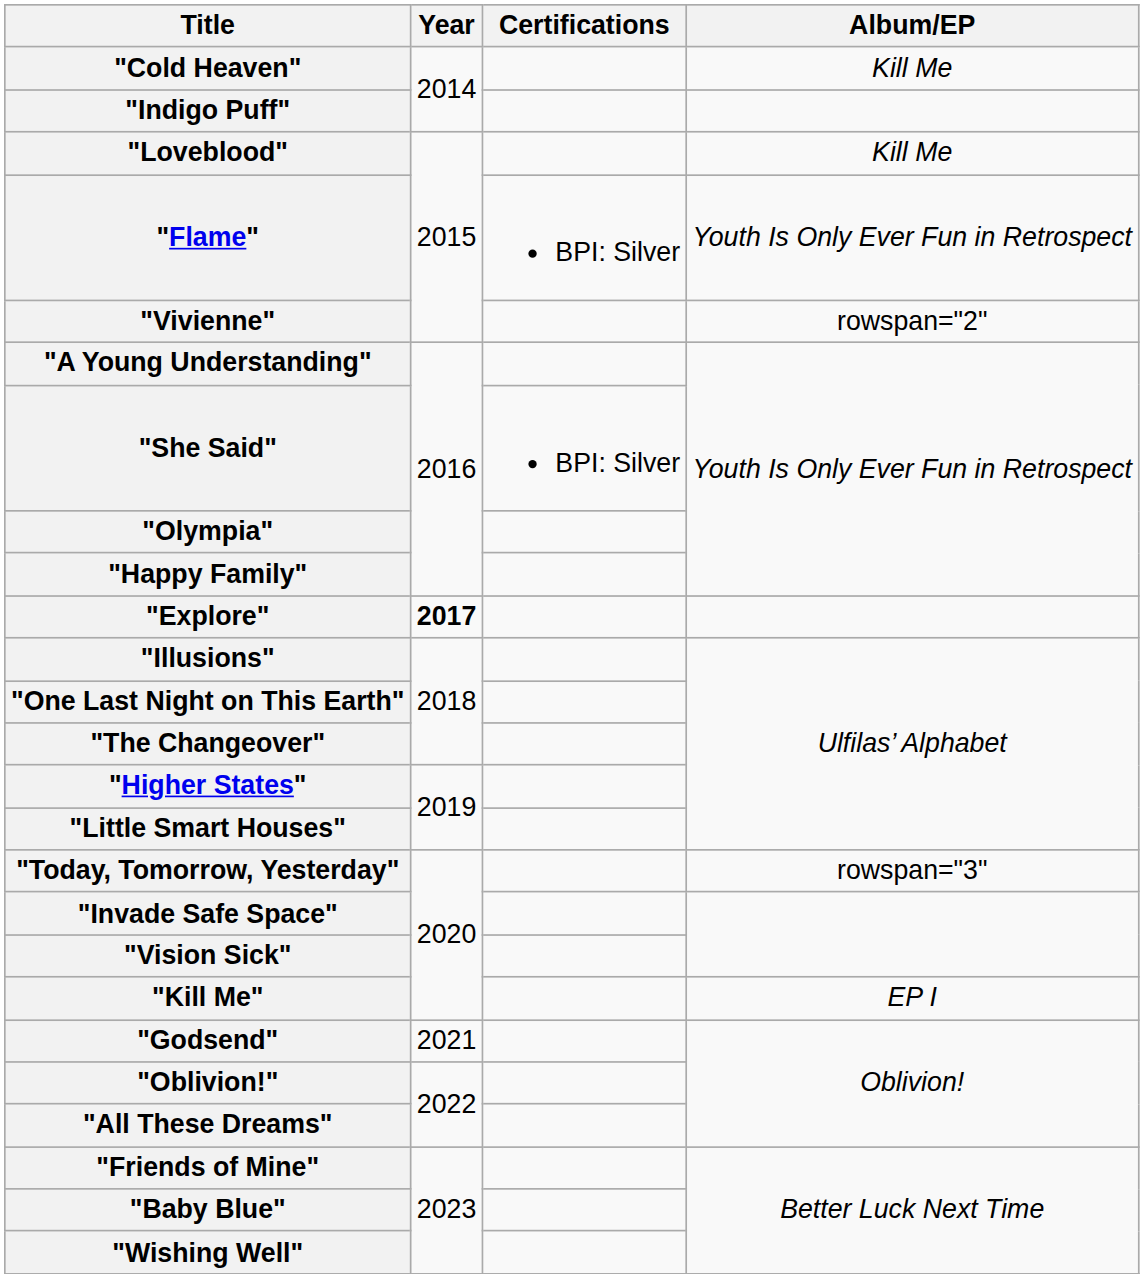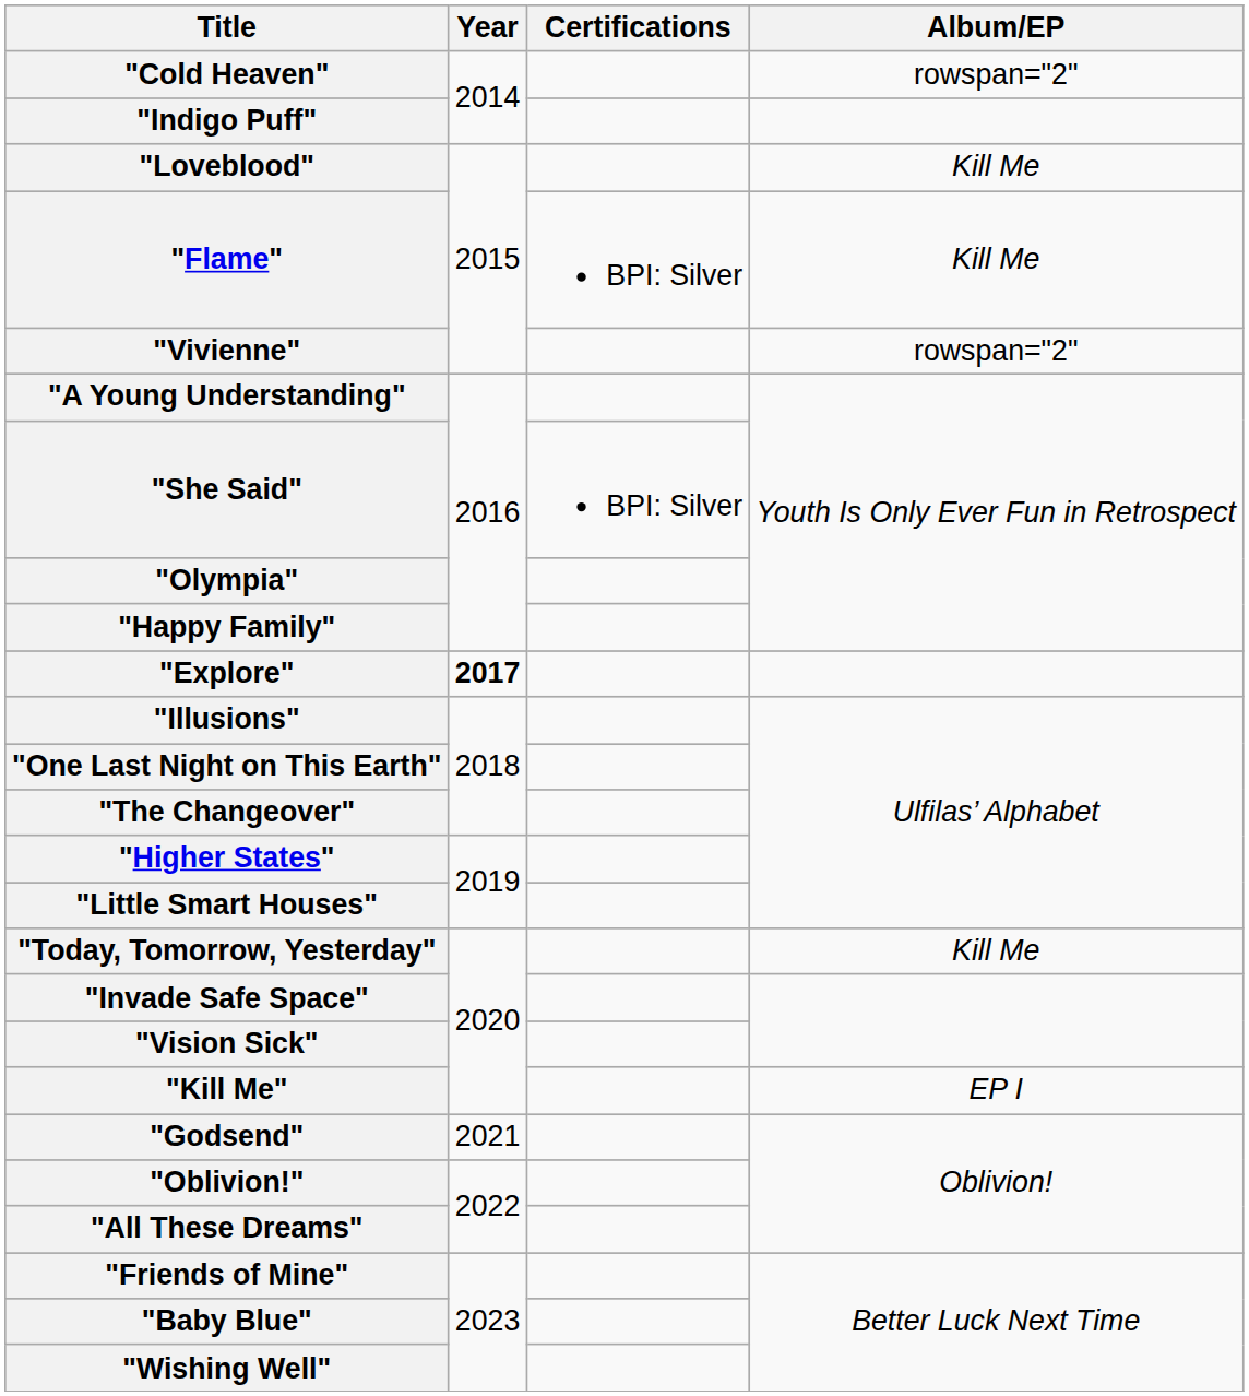 <table class="wikitable plainrowheaders" style="text-align:center;">
 <tr>
 <th scope="col">Title</th>
 <th scope="col">Year</th>
 <th scope="col">Certifications</th>
 <th scope="col">Album/EP</th>
 </tr>
 <tr>
 <th scope="row">"Cold Heaven"</th>
 <td rowspan="2">2014</td>
 <td></td>
-<td><em>Kill Me</em></td>
+<td>rowspan="2" </td>
 </tr>
 <tr>
 <th scope="row">"Indigo Puff"</th>
 <td></td>
 </tr>
 <tr>
 <th scope="row">"Loveblood"</th>
 <td rowspan="3">2015</td>
 <td></td>
 <td><em>Kill Me</em></td>
 </tr>
 <tr>
 <th scope="row">"<a href='#'>Flame</a>"</th>
 <td><br><ul><li>BPI: Silver</li></ul></td>
-<td><em>Youth Is Only Ever Fun in Retrospect</em></td>
+<td><em>Kill Me</em></td>
 </tr>
 <tr>
 <th scope="row">"Vivienne"</th>
 <td></td>
 <td>rowspan="2" </td>
 </tr>
 <tr>
 <th scope="row">"A Young Understanding"</th>
 <td rowspan="4">2016</td>
 <td></td>
 <td rowspan="4"><em>Youth Is Only Ever Fun in Retrospect</em></td>
 </tr>
 <tr>
 <th scope="row">"She Said"</th>
 <td><br><ul><li>BPI: Silver</li></ul></td>
 </tr>
 <tr>
 <th scope="row">"Olympia"</th>
 <td></td>
 </tr>
 <tr>
 <th scope="row">"Happy Family"</th>
 <td></td>
 </tr>
 <tr>
 <th scope="row">"Explore"</th>
 <td><strong>2017</strong></td>
 <td></td>
 <td></td>
 </tr>
 <tr>
 <th scope="row">"Illusions"</th>
 <td rowspan="3">2018</td>
 <td></td>
 <td rowspan="5"><em>Ulfilas’ Alphabet</em></td>
 </tr>
 <tr>
 <th scope="row">"One Last Night on This Earth"</th>
 <td></td>
 </tr>
 <tr>
 <th scope="row">"The Changeover"</th>
 <td></td>
 </tr>
 <tr>
 <th scope="row">"<a href='#'>Higher States</a>"</th>
 <td rowspan="2">2019</td>
 <td></td>
 </tr>
 <tr>
 <th scope="row">"Little Smart Houses"</th>
 <td></td>
 </tr>
 <tr>
 <th scope="row">"Today, Tomorrow, Yesterday"</th>
 <td rowspan="4">2020</td>
 <td></td>
-<td>rowspan="3" </td>
+<td><em>Kill Me</em></td>
 </tr>
 <tr>
 <th scope="row">"Invade Safe Space"</th>
 <td></td>
 </tr>
 <tr>
 <th scope="row">"Vision Sick"</th>
 <td></td>
 </tr>
 <tr>
 <th scope="row">"Kill Me"</th>
 <td></td>
 <td><em>EP I</em></td>
 </tr>
 <tr>
 <th scope="row">"Godsend"</th>
 <td>2021</td>
 <td></td>
 <td rowspan="3"><em>Oblivion!</em></td>
 </tr>
 <tr>
 <th scope="row">"Oblivion!"</th>
 <td rowspan="2">2022</td>
 </tr>
 <tr>
 <th scope="row">"All These Dreams"</th>
 <td></td>
 </tr>
 <tr>
 <th scope="row">"Friends of Mine"</th>
 <td rowspan="3">2023</td>
 <td></td>
 <td rowspan="3"><em>Better Luck Next Time</em></td>
 </tr>
 <tr>
 <th scope="row">"Baby Blue"</th>
 <td></td>
 </tr>
 <tr>
 <th scope="row">"Wishing Well"</th>
 <td></td>
 </tr>
 <tr>
 </tr>
 </table>
